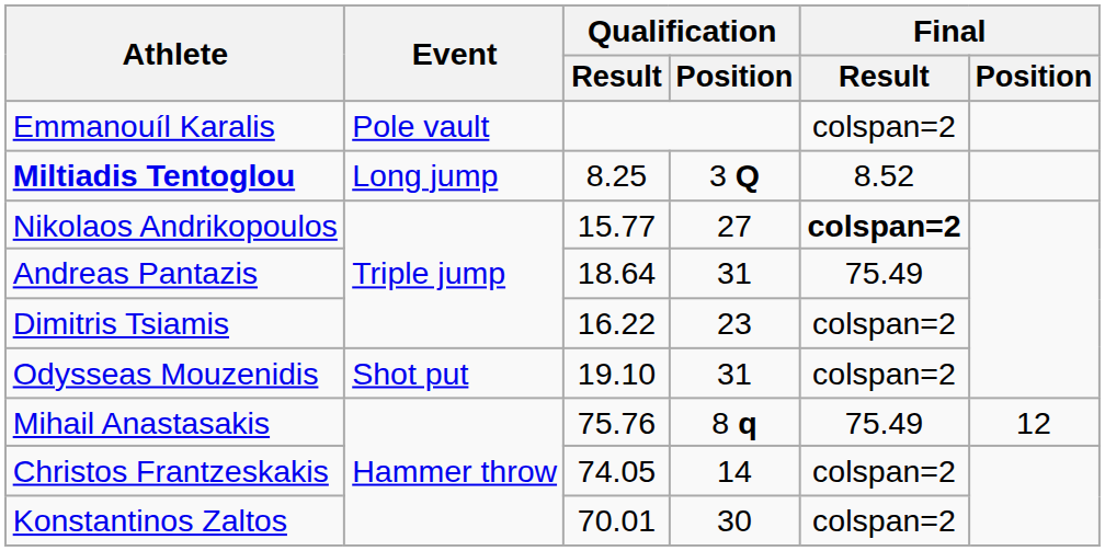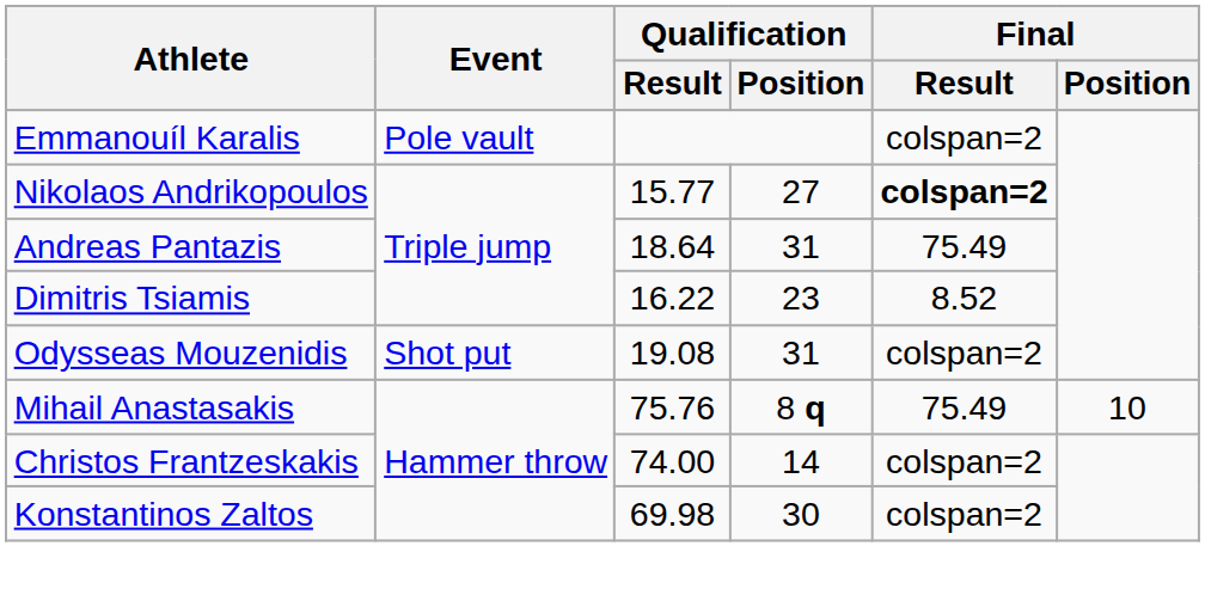 <table class=wikitable style="font-size:90%">
 <tr>
 <th rowspan="2">Athlete</th>
 <th rowspan="2">Event</th>
 <th colspan="2">Qualification</th>
 <th colspan="2">Final</th>
 </tr>
 <tr style="font-size:95%">
 <th>Result</th>
 <th>Position</th>
 <th>Result</th>
 <th>Position</th>
 </tr>
 <tr style=text-align:center>
 <td style=text-align:left><a href='#'>Emmanouíl Karalis</a></td>
 <td style=text-align:left><a href='#'>Pole vault</a></td>
 <td colspan=2></td>
 <td>colspan=2 </td>
 </tr>
 <tr style=text-align:center>
-<td style=text-align:left><strong><a href='#'>Miltiadis Tentoglou</a></strong></td>
-<td style=text-align:left><a href='#'>Long jump</a></td>
-<td>8.25</td>
-<td>3 <strong>Q</strong></td>
-<td>8.52 </td>
-<td></td>
-</tr>
-<tr style=text-align:center>
 <td style=text-align:left><a href='#'>Nikolaos Andrikopoulos</a></td>
 <td style=text-align:left rowspan=3><a href='#'>Triple jump</a></td>
 <td>15.77</td>
 <td>27</td>
 <td><strong>colspan=2 </strong></td>
 </tr>
 <tr style=text-align:center>
 <td style=text-align:left><a href='#'>Andreas Pantazis</a></td>
 <td>18.64</td>
 <td>31</td>
 <td>75.49</td>
 </tr>
 <tr style=text-align:center>
 <td style=text-align:left><a href='#'>Dimitris Tsiamis</a></td>
 <td>16.22</td>
 <td>23</td>
-<td>colspan=2 </td>
+<td>8.52 </td>
 </tr>
 <tr style=text-align:center>
 <td style=text-align:left><a href='#'>Odysseas Mouzenidis</a></td>
 <td style=text-align:left><a href='#'>Shot put</a></td>
-<td>19.10</td>
+<td>19.08</td>
 <td>31</td>
 <td>colspan=2 </td>
 </tr>
 <tr style=text-align:center>
 <td style=text-align:left><a href='#'>Mihail Anastasakis</a></td>
 <td style=text-align:left rowspan=3><a href='#'>Hammer throw</a></td>
 <td>75.76</td>
 <td>8 <strong>q</strong></td>
 <td>75.49</td>
-<td>12</td>
+<td>10</td>
 </tr>
 <tr style=text-align:center>
 <td style=text-align:left><a href='#'>Christos Frantzeskakis</a></td>
-<td>74.05</td>
+<td>74.00</td>
 <td>14</td>
 <td>colspan=2 </td>
 </tr>
 <tr style=text-align:center>
 <td style=text-align:left><a href='#'>Konstantinos Zaltos</a></td>
-<td>70.01</td>
+<td>69.98</td>
 <td>30</td>
 <td>colspan=2 </td>
 </tr>
 </table>
